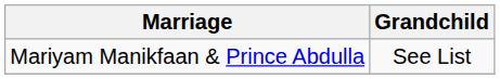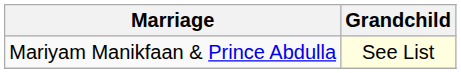 <table class="wikitable" style="text-align:center">
 <tr>
 <th>Marriage</th>
 <th>Grandchild</th>
 </tr>
 <tr>
 <td>Mariyam Manikfaan & <a href='#'>Prince Abdulla</a></td>
-<td>See List  </td>
+<td style="background: lightyellow;">See List  </td>
 </tr>
 <tr>
 </tr>
 </table>
